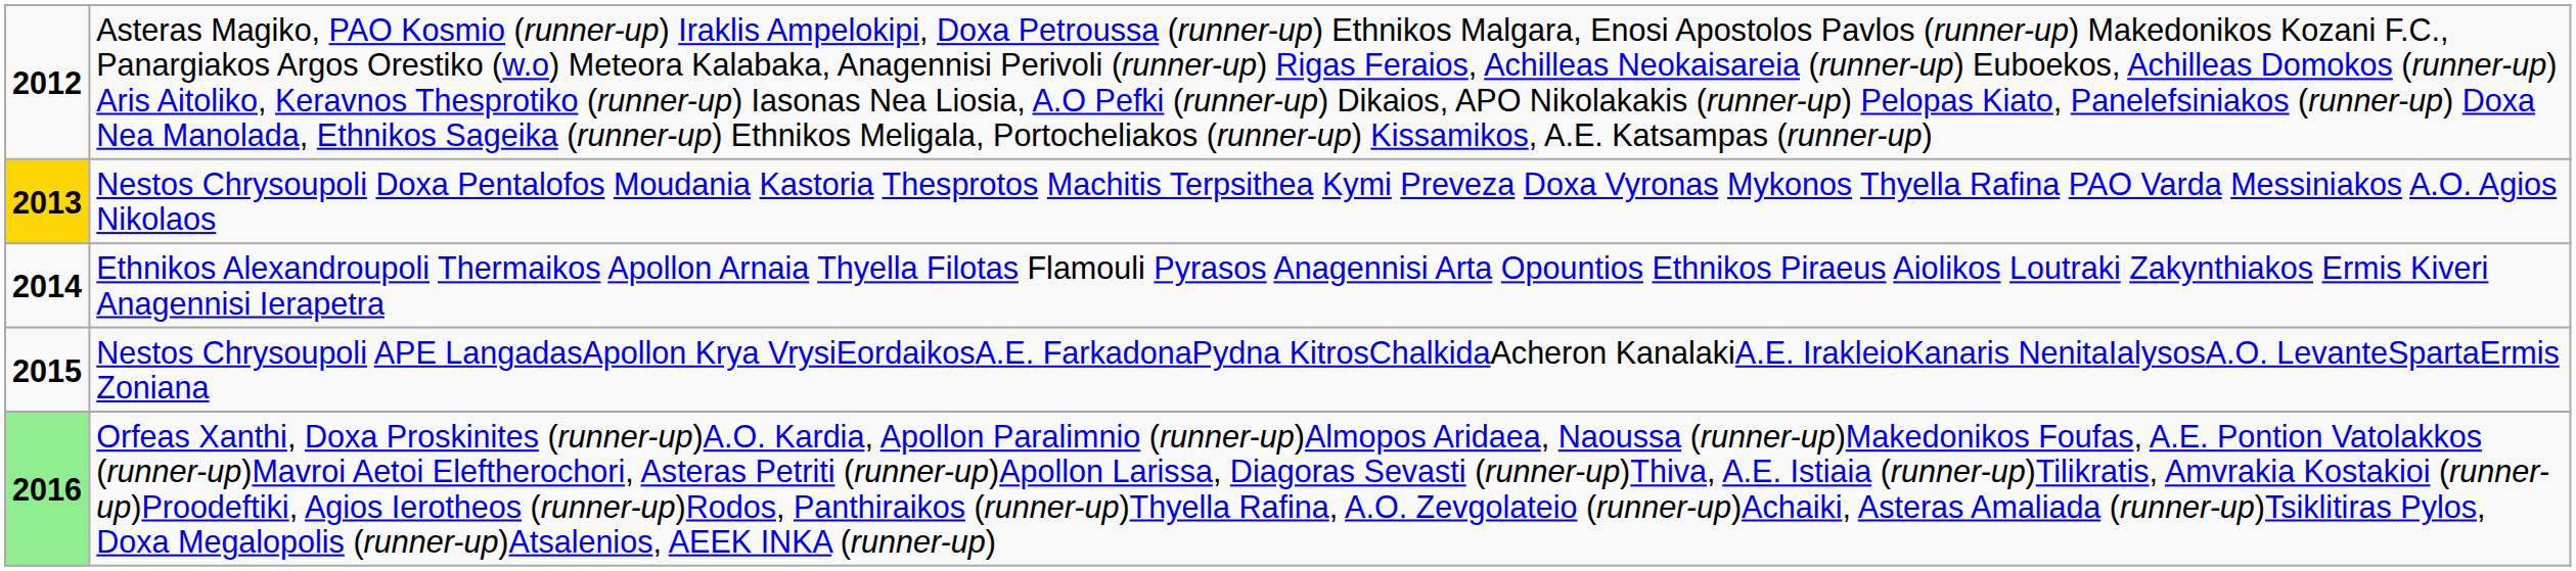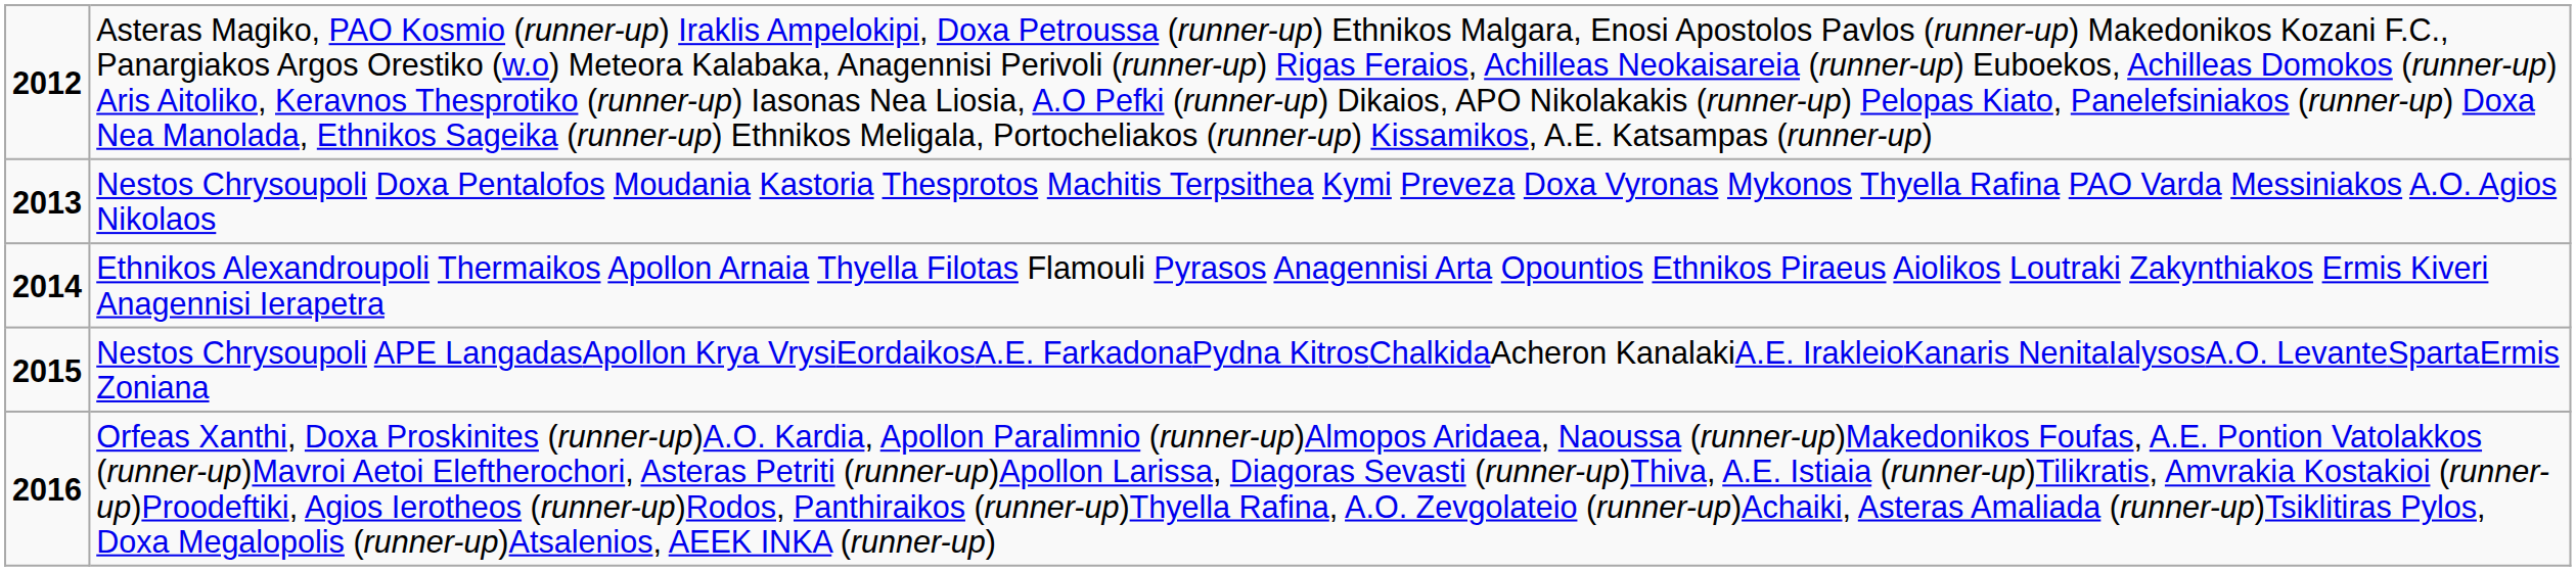 <table class="wikitable" style="font-size: 95%;">
 <tr>
 <td align="center"><strong>2012</strong></td>
 <td align="left">Asteras Magiko, <a href='#'>PAO Kosmio</a> (<em>runner-up</em>)  <a href='#'>Iraklis Ampelokipi</a>, <a href='#'>Doxa Petroussa</a> (<em>runner-up</em>)  Ethnikos Malgara, Enosi Apostolos Pavlos (<em>runner-up</em>)  Makedonikos Kozani F.C., Panargiakos Argos Orestiko (<a href='#'>w.o</a>)  Meteora Kalabaka, Anagennisi Perivoli (<em>runner-up</em>)  <a href='#'>Rigas Feraios</a>, <a href='#'>Achilleas Neokaisareia</a> (<em>runner-up</em>)  Euboekos, <a href='#'>Achilleas Domokos</a> (<em>runner-up</em>)  <a href='#'>Aris Aitoliko</a>, <a href='#'>Keravnos Thesprotiko</a> (<em>runner-up</em>)  Iasonas Nea Liosia, <a href='#'>A.O Pefki</a> (<em>runner-up</em>)  Dikaios, APO Nikolakakis (<em>runner-up</em>)  <a href='#'>Pelopas Kiato</a>, <a href='#'>Panelefsiniakos</a> (<em>runner-up</em>)  <a href='#'>Doxa Nea Manolada</a>, <a href='#'>Ethnikos Sageika</a> (<em>runner-up</em>)  Ethnikos Meligala, Portocheliakos (<em>runner-up</em>)  <a href='#'>Kissamikos</a>, A.E. Katsampas (<em>runner-up</em>)</td>
 </tr>
 <tr>
-<td align="center" style="background: gold;"><strong>2013</strong></td>
+<td align="center"><strong>2013</strong></td>
 <td align="left"><a href='#'>Nestos Chrysoupoli</a>  <a href='#'>Doxa Pentalofos</a>  <a href='#'>Moudania</a>  <a href='#'>Kastoria</a>  <a href='#'>Thesprotos</a>  <a href='#'>Machitis Terpsithea</a>  <a href='#'>Kymi</a>  <a href='#'>Preveza</a>  <a href='#'>Doxa Vyronas</a>  <a href='#'>Mykonos</a>  <a href='#'>Thyella Rafina</a>  <a href='#'>PAO Varda</a>  <a href='#'>Messiniakos</a>  <a href='#'>A.O. Agios Nikolaos</a></td>
 </tr>
 <tr>
 <td align="center"><strong>2014</strong></td>
 <td align="left"><a href='#'>Ethnikos Alexandroupoli</a>  <a href='#'>Thermaikos</a>  <a href='#'>Apollon Arnaia</a>  <a href='#'>Thyella Filotas</a>  Flamouli  <a href='#'>Pyrasos</a>  <a href='#'>Anagennisi Arta</a>  <a href='#'>Opountios</a>  <a href='#'>Ethnikos Piraeus</a>  <a href='#'>Aiolikos</a>  <a href='#'>Loutraki</a>  <a href='#'>Zakynthiakos</a>  <a href='#'>Ermis Kiveri</a>  <a href='#'>Anagennisi Ierapetra</a></td>
 </tr>
 <tr>
 <td align="center"><strong>2015</strong></td>
 <td align="left"><a href='#'>Nestos Chrysoupoli</a>  <a href='#'>APE Langadas</a><a href='#'>Apollon Krya Vrysi</a><a href='#'>Eordaikos</a><a href='#'>A.E. Farkadona</a><a href='#'>Pydna Kitros</a><a href='#'>Chalkida</a>Acheron Kanalaki<a href='#'>A.E. Irakleio</a><a href='#'>Kanaris Nenita</a><a href='#'>Ialysos</a><a href='#'>A.O. Levante</a><a href='#'>Sparta</a><a href='#'>Ermis Zoniana</a></td>
 </tr>
 <tr>
-<td align="center" style="background: lightgreen;"><strong>2016</strong></td>
+<td align="center"><strong>2016</strong></td>
 <td align="left"><a href='#'>Orfeas Xanthi</a>, <a href='#'>Doxa Proskinites</a> (<em>runner-up</em>)<a href='#'>A.O. Kardia</a>, <a href='#'>Apollon Paralimnio</a> (<em>runner-up</em>)<a href='#'>Almopos Aridaea</a>, <a href='#'>Naoussa</a> (<em>runner-up</em>)<a href='#'>Makedonikos Foufas</a>, <a href='#'>A.E. Pontion Vatolakkos</a> (<em>runner-up</em>)<a href='#'>Mavroi Aetoi Eleftherochori</a>, <a href='#'>Asteras Petriti</a> (<em>runner-up</em>)<a href='#'>Apollon Larissa</a>, <a href='#'>Diagoras Sevasti</a> (<em>runner-up</em>)<a href='#'>Thiva</a>, <a href='#'>A.E. Istiaia</a> (<em>runner-up</em>)<a href='#'>Tilikratis</a>, <a href='#'>Amvrakia Kostakioi</a> (<em>runner-up</em>)<a href='#'>Proodeftiki</a>, <a href='#'>Agios Ierotheos</a> (<em>runner-up</em>)<a href='#'>Rodos</a>, <a href='#'>Panthiraikos</a> (<em>runner-up</em>)<a href='#'>Thyella Rafina</a>, <a href='#'>A.O. Zevgolateio</a> (<em>runner-up</em>)<a href='#'>Achaiki</a>, <a href='#'>Asteras Amaliada</a> (<em>runner-up</em>)<a href='#'>Tsiklitiras Pylos</a>, <a href='#'>Doxa Megalopolis</a> (<em>runner-up</em>)<a href='#'>Atsalenios</a>, <a href='#'>AEEK INKA</a> (<em>runner-up</em>)</td>
 </tr>
 </table>
